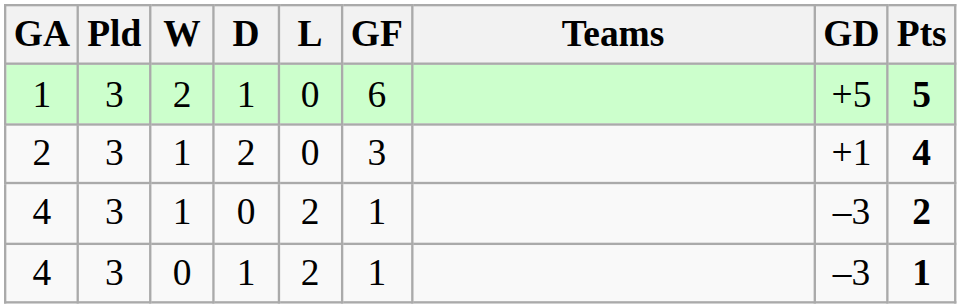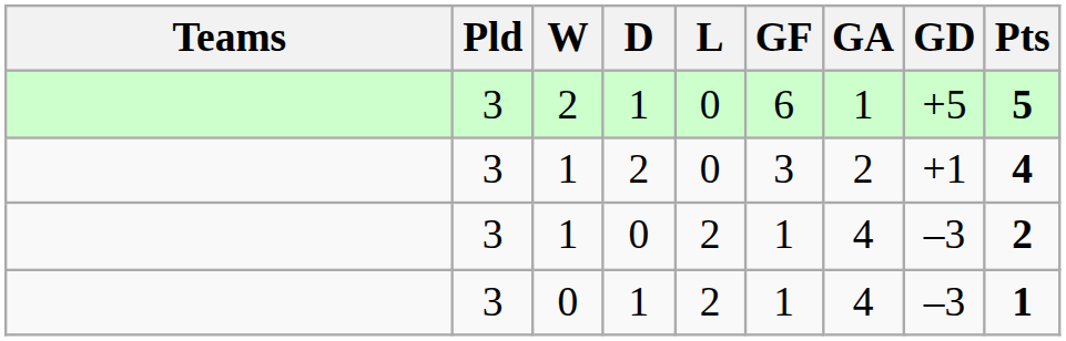 <table class="wikitable" style="text-align: center;">
 <tr>
-<th width=20>GA</th>
+<th width=165>Teams</th>
 <th width=20>Pld</th>
 <th width=20>W</th>
 <th width=20>D</th>
 <th width=20>L</th>
 <th width=20>GF</th>
-<th width=165>Teams</th>
+<th width=20>GA</th>
 <th width=20>GD</th>
 <th width=20>Pts</th>
 </tr>
 <tr align=center style="background:#ccffcc;">
-<td>1</td>
+<td style="text-align:left;"></td>
 <td>3</td>
 <td>2</td>
 <td>1</td>
 <td>0</td>
 <td>6</td>
-<td style="text-align:left;"></td>
+<td>1</td>
 <td>+5</td>
 <td><strong>5</strong></td>
 </tr>
 <tr align=center>
-<td>2</td>
+<td style="text-align:left;"></td>
 <td>3</td>
 <td>1</td>
 <td>2</td>
 <td>0</td>
 <td>3</td>
-<td style="text-align:left;"></td>
+<td>2</td>
 <td>+1</td>
 <td><strong>4</strong></td>
 </tr>
 <tr align=center>
-<td>4</td>
+<td style="text-align:left;"></td>
 <td>3</td>
 <td>1</td>
 <td>0</td>
 <td>2</td>
 <td>1</td>
-<td style="text-align:left;"></td>
+<td>4</td>
 <td>–3</td>
 <td><strong>2</strong></td>
 </tr>
 <tr align=center>
-<td>4</td>
+<td style="text-align:left;"></td>
 <td>3</td>
 <td>0</td>
 <td>1</td>
 <td>2</td>
 <td>1</td>
-<td style="text-align:left;"></td>
+<td>4</td>
 <td>–3</td>
 <td><strong>1</strong></td>
 </tr>
 </table>
